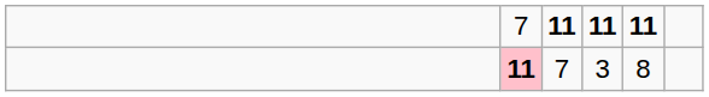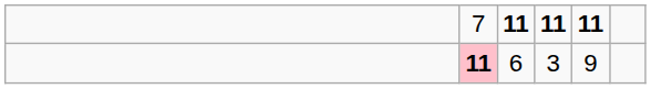 <table class="wikitable">
 <tr>
 <td style="width:18em"></td>
 <td align=center style="width:1em">7</td>
 <td align=center style="width:1em"><strong>11</strong></td>
 <td align=center style="width:1em"><strong>11</strong></td>
 <td align=center style="width:1em"><strong>11</strong></td>
 <td align=center style="width:1em"></td>
 </tr>
 <tr>
 <td style="width:18em"></td>
 <td align=center style="background: pink; width:1em"><strong>11</strong></td>
-<td align=center style="width:1em">7</td>
+<td align=center style="width:1em">6</td>
 <td align=center style="width:1em">3</td>
-<td align=center style="width:1em">8</td>
+<td align=center style="width:1em">9</td>
 <td align=center style="width:1em"></td>
 </tr>
 </table>
